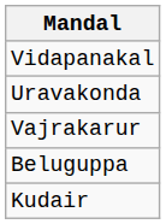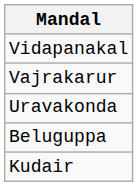 <table class="wikitable sortable static-row-numbers static-row-header-hash">
 <tr>
 <th>Mandal</th>
 </tr>
 <tr>
 <td>Vidapanakal</td>
 </tr>
 <tr>
-<td>Uravakonda</td>
+<td>Vajrakarur</td>
 </tr>
 <tr>
-<td>Vajrakarur</td>
+<td>Uravakonda</td>
 </tr>
 <tr>
 <td>Beluguppa</td>
 </tr>
 <tr>
 <td>Kudair</td>
 </tr>
 </table>
